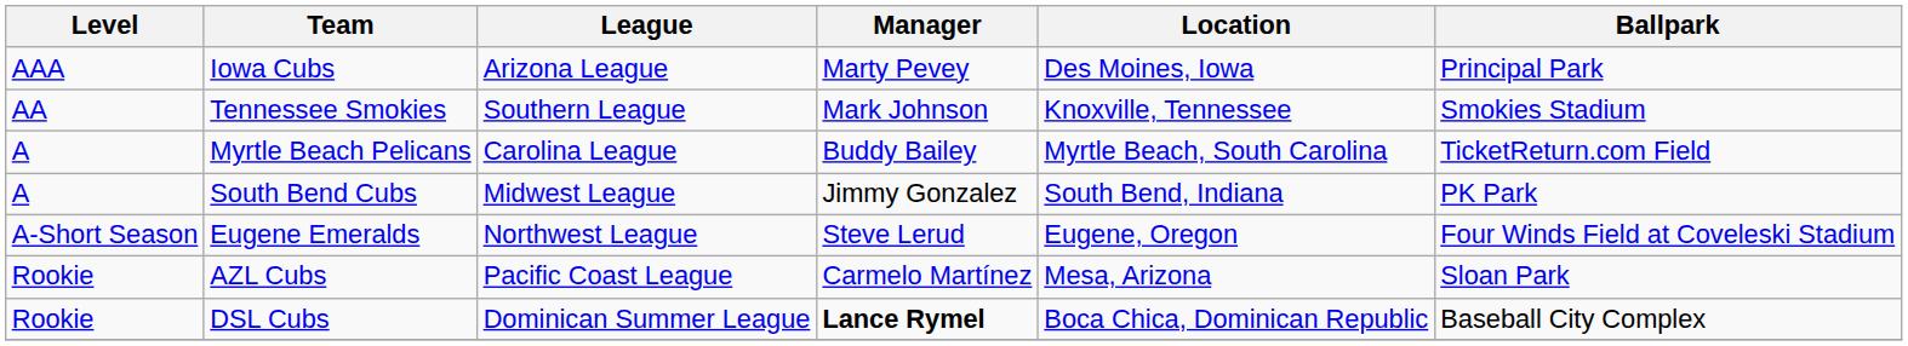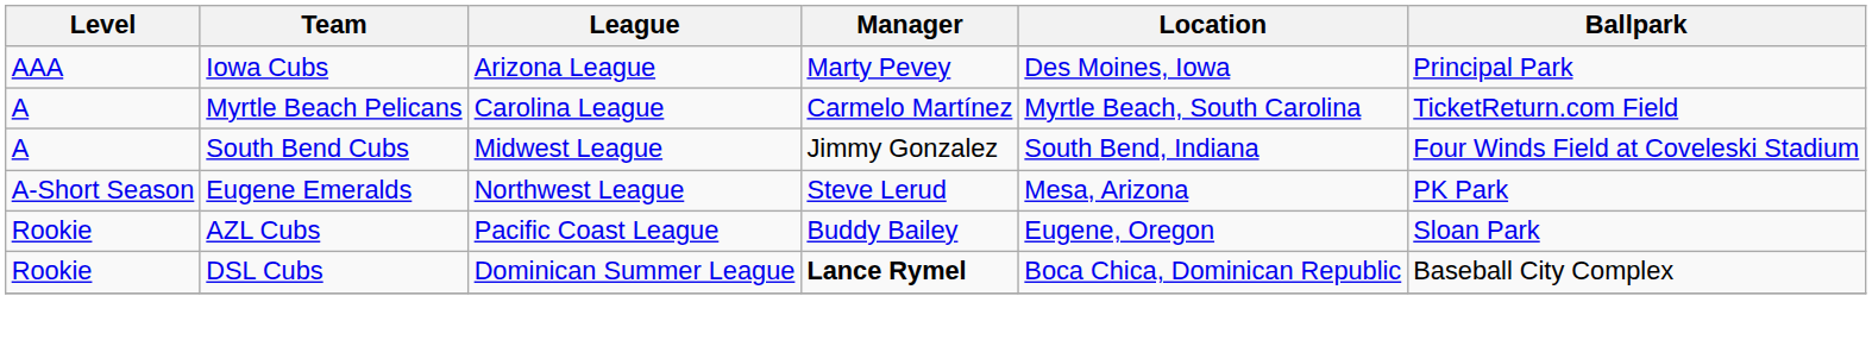 <table class="wikitable">
 <tr>
 <th style="text-align:center; ">Level</th>
 <th style="text-align:center; ">Team</th>
 <th style="text-align:center; ">League</th>
 <th style="text-align:center; ">Manager</th>
 <th style="text-align:center; ">Location</th>
 <th style="text-align:center; ">Ballpark</th>
 </tr>
 <tr>
 <td><a href='#'>AAA</a></td>
 <td><a href='#'>Iowa Cubs</a></td>
 <td><a href='#'>Arizona League</a></td>
 <td><a href='#'>Marty Pevey</a></td>
 <td><a href='#'>Des Moines, Iowa</a></td>
 <td><a href='#'>Principal Park</a></td>
 </tr>
 <tr>
-<td><a href='#'>AA</a></td>
-<td><a href='#'>Tennessee Smokies</a></td>
-<td><a href='#'>Southern League</a></td>
-<td><a href='#'>Mark Johnson</a></td>
-<td><a href='#'>Knoxville, Tennessee</a></td>
-<td><a href='#'>Smokies Stadium</a></td>
-</tr>
-<tr>
 <td><a href='#'>A</a></td>
 <td><a href='#'>Myrtle Beach Pelicans</a></td>
 <td><a href='#'>Carolina League</a></td>
-<td><a href='#'>Buddy Bailey</a></td>
+<td><a href='#'>Carmelo Martínez</a></td>
 <td><a href='#'>Myrtle Beach, South Carolina</a></td>
 <td><a href='#'>TicketReturn.com Field</a></td>
 </tr>
 <tr>
 <td><a href='#'>A</a></td>
 <td><a href='#'>South Bend Cubs</a></td>
 <td><a href='#'>Midwest League</a></td>
 <td>Jimmy Gonzalez</td>
 <td><a href='#'>South Bend, Indiana</a></td>
-<td><a href='#'>PK Park</a></td>
+<td><a href='#'>Four Winds Field at Coveleski Stadium</a></td>
 </tr>
 <tr>
 <td><a href='#'>A-Short Season</a></td>
 <td><a href='#'>Eugene Emeralds</a></td>
 <td><a href='#'>Northwest League</a></td>
 <td><a href='#'>Steve Lerud</a></td>
-<td><a href='#'>Eugene, Oregon</a></td>
-<td><a href='#'>Four Winds Field at Coveleski Stadium</a></td>
+<td><a href='#'>Mesa, Arizona</a></td>
+<td><a href='#'>PK Park</a></td>
 </tr>
 <tr>
 <td><a href='#'>Rookie</a></td>
 <td><a href='#'>AZL Cubs</a></td>
 <td><a href='#'>Pacific Coast League</a></td>
-<td><a href='#'>Carmelo Martínez</a></td>
-<td><a href='#'>Mesa, Arizona</a></td>
+<td><a href='#'>Buddy Bailey</a></td>
+<td><a href='#'>Eugene, Oregon</a></td>
 <td><a href='#'>Sloan Park</a></td>
 </tr>
 <tr>
 <td><a href='#'>Rookie</a></td>
 <td><a href='#'>DSL Cubs</a></td>
 <td><a href='#'>Dominican Summer League</a></td>
 <td><strong>Lance Rymel</strong></td>
 <td><a href='#'>Boca Chica, Dominican Republic</a></td>
 <td>Baseball City Complex</td>
 </tr>
 <tr>
 </tr>
 </table>
